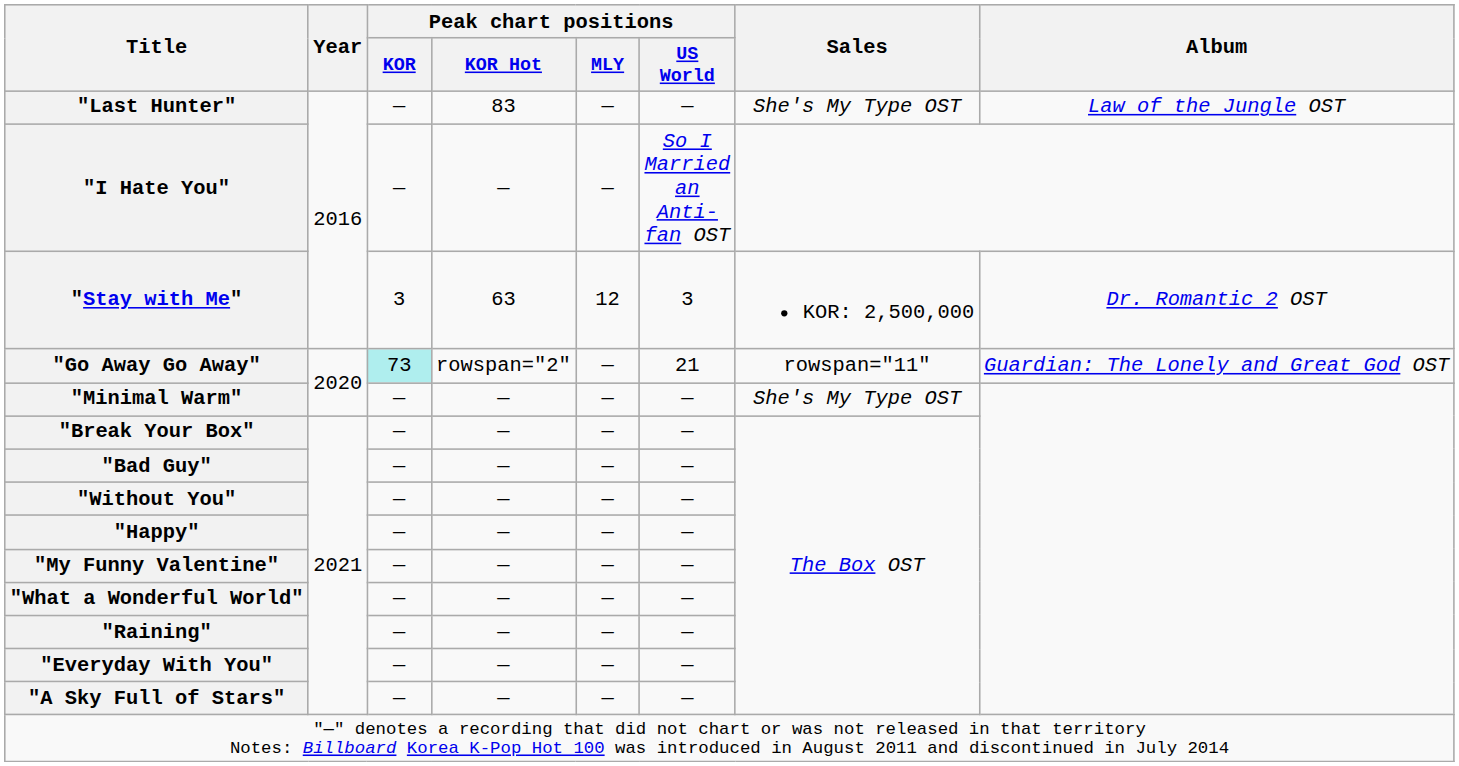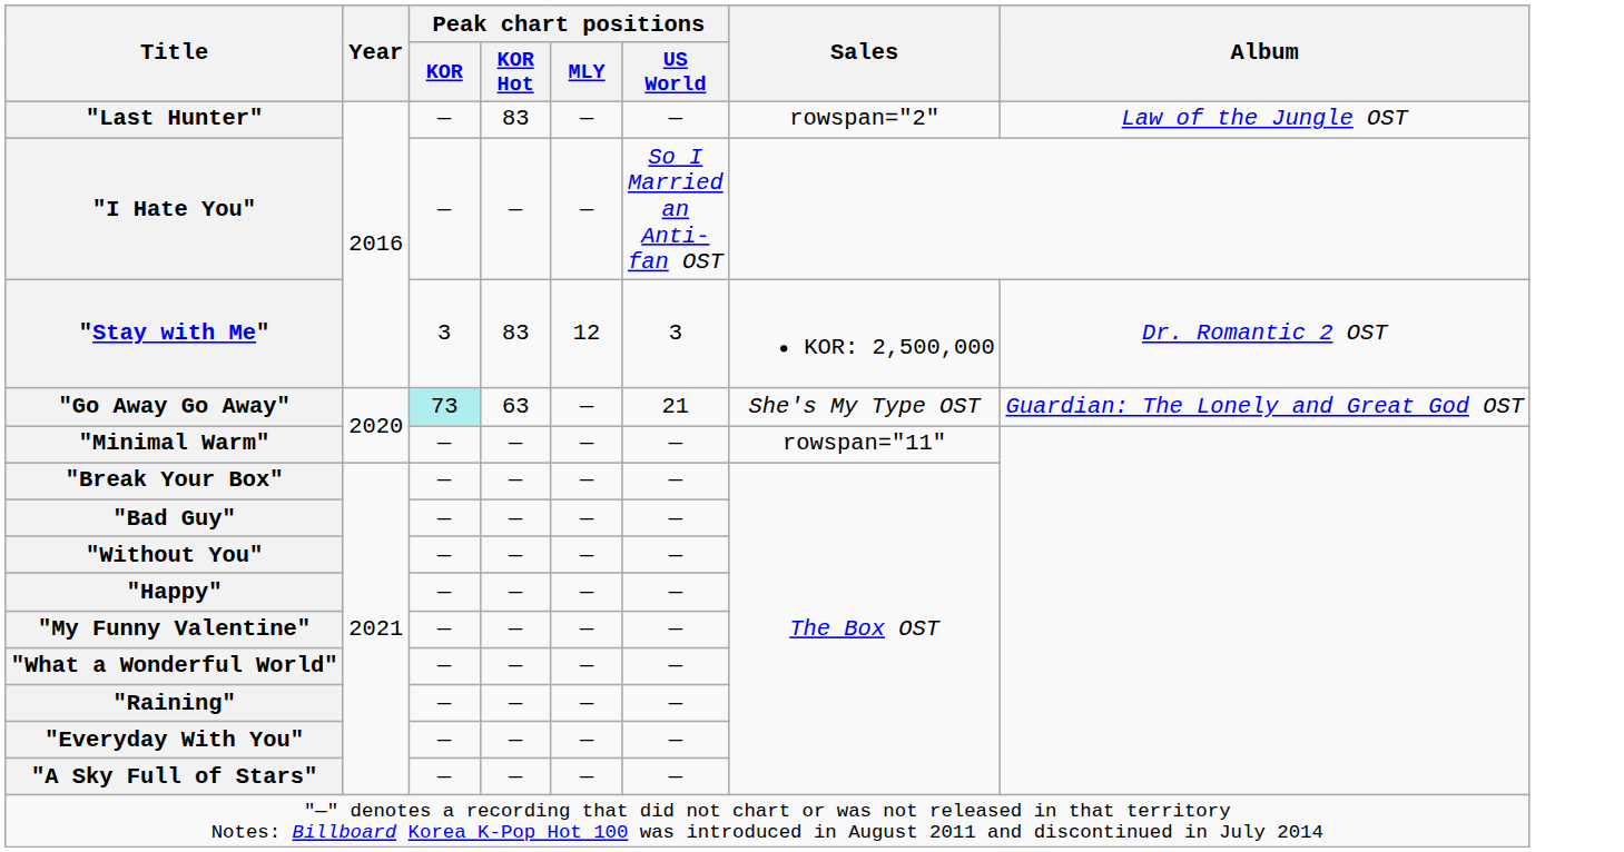 <table class="wikitable plainrowheaders" style="text-align:center">
 <tr>
 <th scope="col" rowspan="2">Title</th>
 <th scope="col" rowspan="2">Year</th>
 <th scope="col" colspan="4">Peak chart positions</th>
 <th scope="col" rowspan="2">Sales<br></th>
 <th scope="col" rowspan="2">Album</th>
 </tr>
 <tr>
 <th scope="col" style="font-size:90%; width:3em"><a href='#'>KOR</a><br></th>
 <th scope="col" style="font-size:90%; width:3em"><a href='#'>KOR Hot</a><br></th>
 <th scope="col" style="font-size:90%; width:3em"><a href='#'>MLY</a><br></th>
 <th style="width:3em;font-size:90%; width:3em"><a href='#'>US World</a><br></th>
 </tr>
 <tr>
 <th scope="row">"Last Hunter"</th>
 <td rowspan="3">2016</td>
 <td>—</td>
 <td>83</td>
 <td>—</td>
 <td>—</td>
-<td><em>She's My Type OST</em></td>
+<td>rowspan="2" </td>
 <td><em><a href='#'>Law of the Jungle</a> OST</em></td>
 </tr>
 <tr>
 <th scope="row">"I Hate You" </th>
 <td>—</td>
 <td>—</td>
 <td>—</td>
 <td><em><a href='#'>So I Married an Anti-fan</a> OST</em></td>
 </tr>
 <tr>
 <th scope="row">"<a href='#'>Stay with Me</a>" </th>
 <td>3</td>
-<td>63</td>
+<td>83</td>
 <td>12</td>
 <td>3</td>
 <td><br><ul><li>KOR: 2,500,000</li></ul></td>
 <td><em><a href='#'>Dr. Romantic 2</a> OST</em></td>
 </tr>
 <tr>
 <th scope="row">"Go Away Go Away" </th>
 <td rowspan="2">2020</td>
 <td style="background: paleturquoise;">73</td>
-<td>rowspan="2" </td>
+<td>63</td>
 <td>—</td>
 <td>21</td>
-<td>rowspan="11" </td>
+<td><em>She's My Type OST</em></td>
 <td><em><a href='#'>Guardian: The Lonely and Great God</a></em> <em>OST</em></td>
 </tr>
 <tr>
 <th scope="row">"Minimal Warm"</th>
 <td>—</td>
 <td>—</td>
 <td>—</td>
 <td>—</td>
-<td><em>She's My Type OST</em></td>
+<td>rowspan="11" </td>
 </tr>
 <tr>
 <th scope="row">"Break Your Box"</th>
 <td rowspan="9">2021</td>
 <td>—</td>
 <td>—</td>
 <td>—</td>
 <td>—</td>
 <td rowspan="9"><em><a href='#'>The Box</a> OST</em></td>
 </tr>
 <tr>
 <th scope="row">"Bad Guy"</th>
 <td>—</td>
 <td>—</td>
 <td>—</td>
 <td>—</td>
 </tr>
 <tr>
 <th scope="row">"Without You"</th>
 <td>—</td>
 <td>—</td>
 <td>—</td>
 <td>—</td>
 </tr>
 <tr>
 <th scope="row">"Happy" </th>
 <td>—</td>
 <td>—</td>
 <td>—</td>
 <td>—</td>
 </tr>
 <tr>
 <th scope="row">"My Funny Valentine"</th>
 <td>—</td>
 <td>—</td>
 <td>—</td>
 <td>—</td>
 </tr>
 <tr>
 <th scope="row">"What a Wonderful World" </th>
 <td>—</td>
 <td>—</td>
 <td>—</td>
 <td>—</td>
 </tr>
 <tr>
 <th scope="row">"Raining"</th>
 <td>—</td>
 <td>—</td>
 <td>—</td>
 <td>—</td>
 </tr>
 <tr>
 <th scope="row">"Everyday With You"</th>
 <td>—</td>
 <td>—</td>
 <td>—</td>
 <td>—</td>
 </tr>
 <tr>
 <th scope="row">"A Sky Full of Stars"</th>
 <td>—</td>
 <td>—</td>
 <td>—</td>
 <td>—</td>
 </tr>
 <tr>
 <td colspan="8" style="font-size:85%">"—" denotes a recording that did not chart or was not released in that territory<br>Notes: <em><a href='#'>Billboard</a></em> <a href='#'>Korea K-Pop Hot 100</a> was introduced in August 2011 and discontinued in July 2014</td>
 </tr>
 </table>
